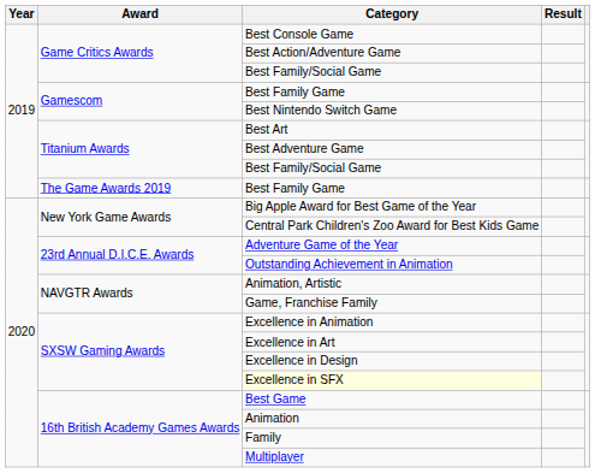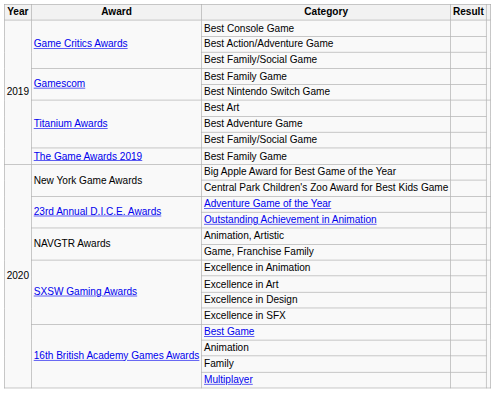 <table class="wikitable sortable">
 <tr>
 <th>Year</th>
 <th>Award</th>
 <th>Category</th>
 <th>Result</th>
 <th></th>
 </tr>
 <tr>
 <td style="text-align:center;" rowspan="9">2019</td>
 <td rowspan="3"><a href='#'>Game Critics Awards</a></td>
 <td>Best Console Game</td>
 <td></td>
 <td rowspan="3" style="text-align:center;"></td>
 </tr>
 <tr>
 <td>Best Action/Adventure Game</td>
 <td></td>
 </tr>
 <tr>
 <td>Best Family/Social Game</td>
 <td></td>
 </tr>
 <tr>
 <td rowspan="2"><a href='#'>Gamescom</a></td>
 <td>Best Family Game</td>
 <td></td>
 <td rowspan="2" style="text-align:center;"></td>
 </tr>
 <tr>
 <td>Best Nintendo Switch Game</td>
 <td></td>
 </tr>
 <tr>
 <td rowspan="3"><a href='#'>Titanium Awards</a></td>
 <td>Best Art</td>
 <td></td>
 <td rowspan="3" style="text-align:center;"></td>
 </tr>
 <tr>
 <td>Best Adventure Game</td>
 <td></td>
 </tr>
 <tr>
 <td>Best Family/Social Game</td>
 <td></td>
 </tr>
 <tr>
 <td><a href='#'>The Game Awards 2019</a></td>
 <td>Best Family Game</td>
 <td></td>
 <td style="text-align:center;"></td>
 </tr>
 <tr>
 <td style="text-align:center;" rowspan="14">2020</td>
 <td rowspan="2">New York Game Awards</td>
 <td>Big Apple Award for Best Game of the Year</td>
 <td></td>
 <td rowspan="2" style="text-align:center;"></td>
 </tr>
 <tr>
 <td>Central Park Children's Zoo Award for Best Kids Game</td>
 <td></td>
 </tr>
 <tr>
 <td rowspan="2"><a href='#'>23rd Annual D.I.C.E. Awards</a></td>
 <td><a href='#'>Adventure Game of the Year</a></td>
 <td></td>
 <td rowspan="2" style="text-align:center;"></td>
 </tr>
 <tr>
 <td><a href='#'>Outstanding Achievement in Animation</a></td>
 <td></td>
 </tr>
 <tr>
 <td rowspan="2">NAVGTR Awards</td>
 <td>Animation, Artistic</td>
 <td></td>
 <td rowspan="2" style="text-align:center;"></td>
 </tr>
 <tr>
 <td>Game, Franchise Family</td>
 <td></td>
 </tr>
 <tr>
 <td rowspan="4"><a href='#'>SXSW Gaming Awards</a></td>
 <td>Excellence in Animation</td>
 <td></td>
 <td rowspan="4" style="text-align:center;"></td>
 </tr>
 <tr>
 <td>Excellence in Art</td>
 <td></td>
 </tr>
 <tr>
 <td>Excellence in Design</td>
 <td></td>
 </tr>
 <tr>
-<td style="background: lightyellow;">Excellence in SFX</td>
+<td>Excellence in SFX</td>
 <td></td>
 </tr>
 <tr>
 <td rowspan="4"><a href='#'>16th British Academy Games Awards</a></td>
 <td><a href='#'>Best Game</a></td>
 <td></td>
 <td rowspan="4" style="text-align:center;"></td>
 </tr>
 <tr>
 <td>Animation</td>
 <td></td>
 </tr>
 <tr>
 <td>Family</td>
 <td></td>
 </tr>
 <tr>
 <td><a href='#'>Multiplayer</a></td>
 <td></td>
 </tr>
 </table>
